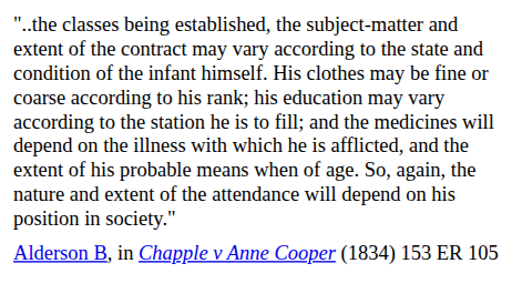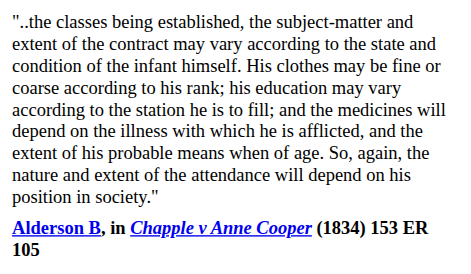 <table class="toccolours" style="float: right; margin-left: 1em; margin-right: 2em; font-size: 85%; background:white; color:black; width:25em; max-width: 34%;" cellspacing="5">
 <tr>
 <td style="text-align: left;">"..the classes being established, the subject-matter and extent of the contract may vary according to the state and condition of the infant himself. His clothes may be fine or coarse according to his rank; his education may vary according to the station he is to fill; and the medicines will depend on the illness with which he is afflicted, and the extent of his probable means when of age. So, again, the nature and extent of the attendance will depend on his position in society."</td>
 </tr>
 <tr>
-<td style="text-align: left;"><a href='#'>Alderson B</a>, in <em><a href='#'>Chapple v Anne Cooper</a></em> (1834) 153 ER 105</td>
+<td style="text-align: left;"><strong><a href='#'>Alderson B</a>, in <em><a href='#'>Chapple v Anne Cooper</a></em> (1834) 153 ER 105</strong></td>
 </tr>
 </table>
